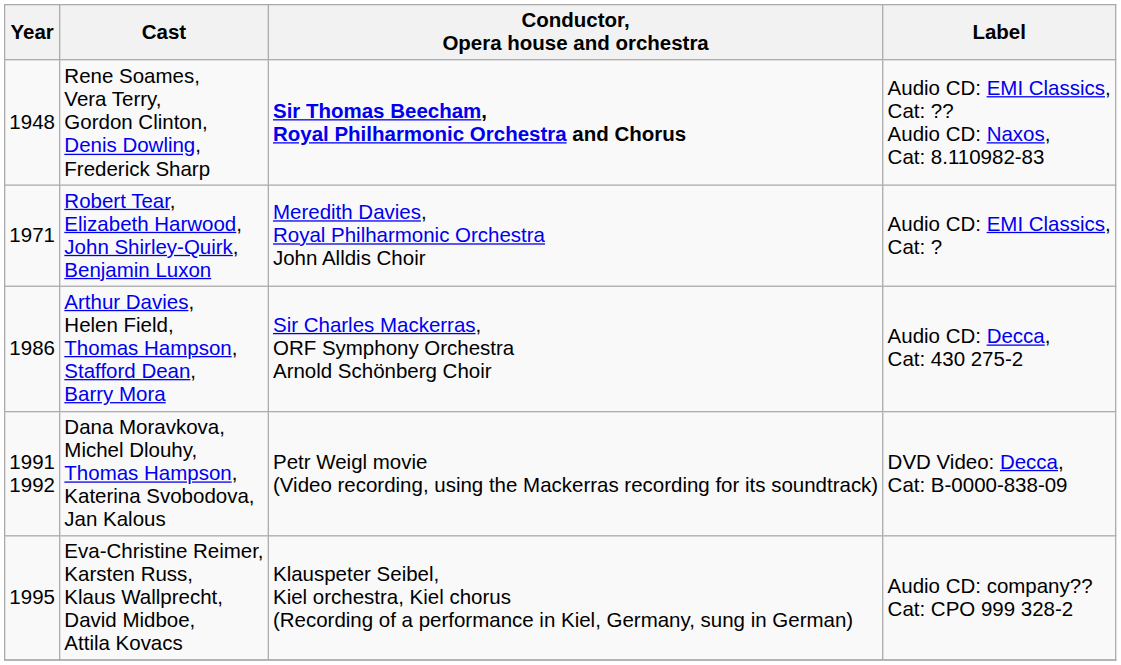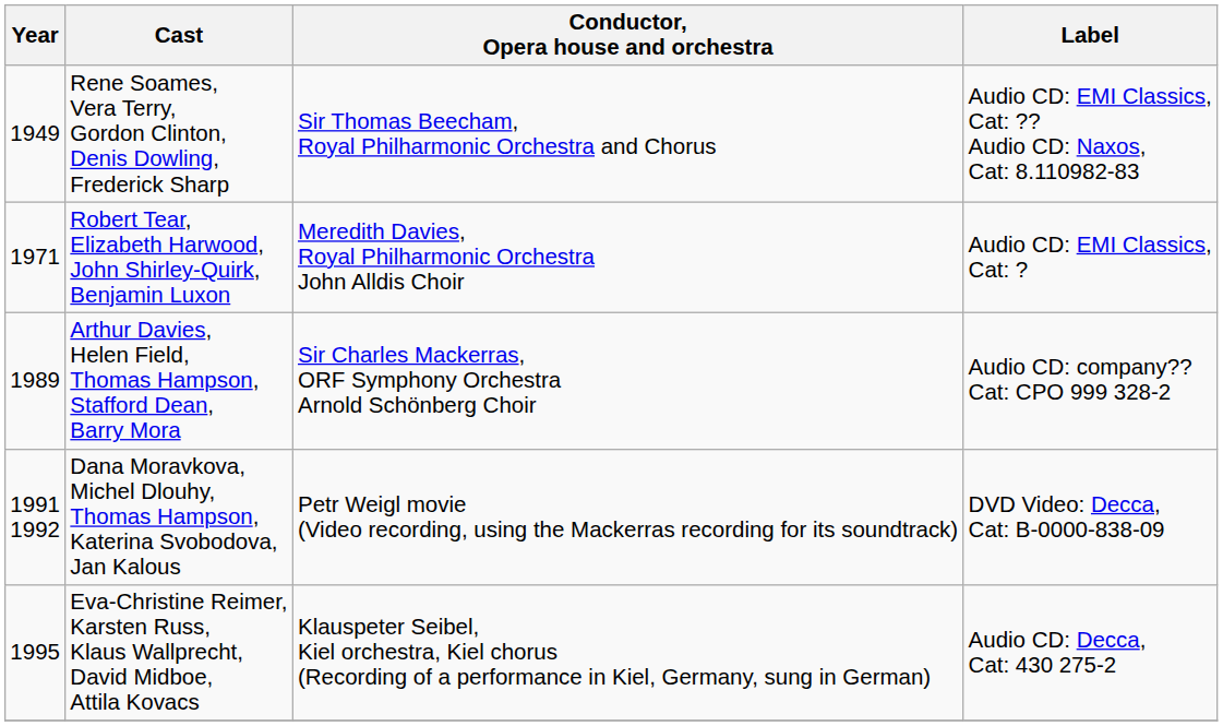 <table class="wikitable">
 <tr>
 <th>Year</th>
 <th>Cast</th>
 <th>Conductor,<br>Opera house and orchestra</th>
 <th>Label</th>
 </tr>
 <tr>
-<td>1948</td>
+<td>1949</td>
 <td>Rene Soames,<br>Vera Terry,<br>Gordon Clinton,<br><a href='#'>Denis Dowling</a>,<br>Frederick Sharp</td>
-<td><strong><a href='#'>Sir Thomas Beecham</a>,<br><a href='#'>Royal Philharmonic Orchestra</a> and Chorus</strong></td>
+<td><a href='#'>Sir Thomas Beecham</a>,<br><a href='#'>Royal Philharmonic Orchestra</a> and Chorus</td>
 <td>Audio CD: <a href='#'>EMI Classics</a>,<br>Cat: ??<br>Audio CD: <a href='#'>Naxos</a>,<br>Cat: 8.110982-83</td>
 </tr>
 <tr>
 <td>1971</td>
 <td><a href='#'>Robert Tear</a>,<br><a href='#'>Elizabeth Harwood</a>,<br><a href='#'>John Shirley-Quirk</a>,<br><a href='#'>Benjamin Luxon</a></td>
 <td><a href='#'>Meredith Davies</a>,<br><a href='#'>Royal Philharmonic Orchestra</a><br>John Alldis Choir</td>
 <td>Audio CD: <a href='#'>EMI Classics</a>,<br>Cat: ?</td>
 </tr>
 <tr>
-<td>1986</td>
+<td>1989</td>
 <td><a href='#'>Arthur Davies</a>,<br>Helen Field,<br><a href='#'>Thomas Hampson</a>,<br><a href='#'>Stafford Dean</a>,<br><a href='#'>Barry Mora</a></td>
 <td><a href='#'>Sir Charles Mackerras</a>,<br>ORF Symphony Orchestra<br>Arnold Schönberg Choir</td>
-<td>Audio CD: <a href='#'>Decca</a>,<br> Cat: 430 275-2</td>
+<td>Audio CD: company??<br>Cat: CPO 999 328-2</td>
 </tr>
 <tr>
 <td>1991<br>1992</td>
 <td>Dana Moravkova,<br>Michel Dlouhy,<br><a href='#'>Thomas Hampson</a>,<br>Katerina Svobodova,<br>Jan Kalous</td>
 <td>Petr Weigl movie<br>(Video recording, using the Mackerras recording for its soundtrack)</td>
 <td>DVD Video: <a href='#'>Decca</a>,<br>Cat: B-0000-838-09</td>
 </tr>
 <tr>
 <td>1995</td>
 <td>Eva-Christine Reimer,<br> Karsten Russ,<br> Klaus Wallprecht,<br> David Midboe,<br>Attila Kovacs</td>
 <td>Klauspeter Seibel,<br>Kiel orchestra, Kiel chorus<br>(Recording of a performance in Kiel, Germany, sung in German)</td>
-<td>Audio CD: company??<br>Cat: CPO 999 328-2</td>
+<td>Audio CD: <a href='#'>Decca</a>,<br> Cat: 430 275-2</td>
 </tr>
 <tr>
 </tr>
 </table>
